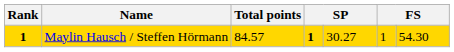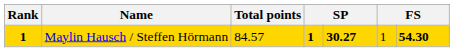 <table class="wikitable">
 <tr>
 <th>Rank</th>
 <th>Name</th>
 <th>Total points</th>
 <th colspan="2" width="80px">SP</th>
 <th colspan="2" width="80px">FS</th>
 </tr>
 <tr bgcolor="gold">
 <td align="center"><strong>1</strong></td>
 <td><a href='#'>Maylin Hausch</a> / Steffen Hörmann</td>
 <td>84.57</td>
 <td><strong>1</strong></td>
-<td>30.27</td>
+<td><strong>30.27</strong></td>
 <td>1</td>
-<td>54.30</td>
+<td><strong>54.30</strong></td>
 </tr>
 </table>
